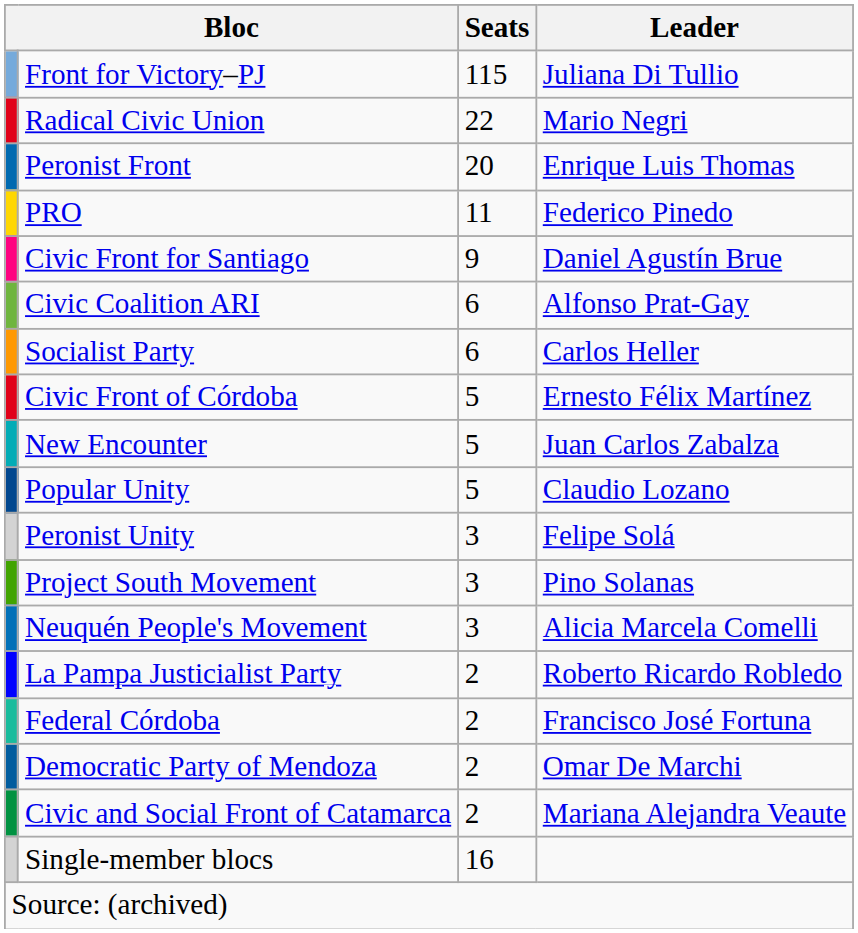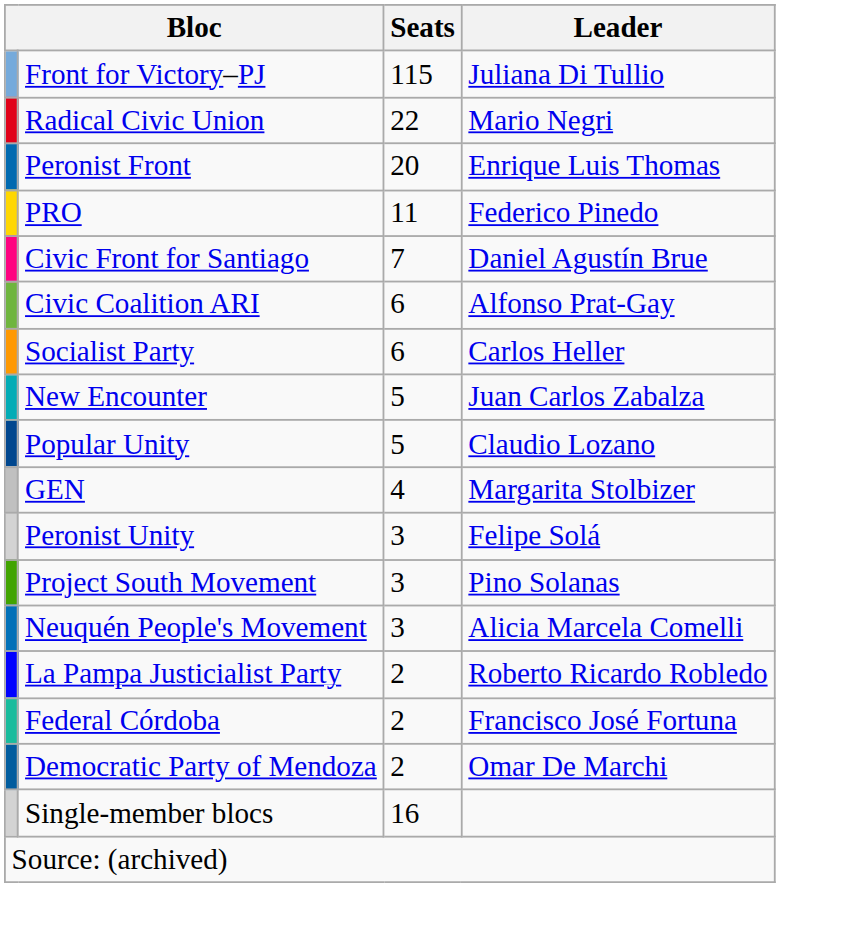 <table class="wikitable">
 <tr>
 <th colspan="2">Bloc</th>
 <th>Seats</th>
 <th>Leader</th>
 </tr>
 <tr>
 <td bgcolor="#75AADB"></td>
 <td><a href='#'>Front for Victory</a>–<a href='#'>PJ</a></td>
 <td>115</td>
 <td><a href='#'>Juliana Di Tullio</a></td>
 </tr>
 <tr>
 <td bgcolor="#E10019"></td>
 <td><a href='#'>Radical Civic Union</a></td>
 <td>22</td>
 <td><a href='#'>Mario Negri</a></td>
 </tr>
 <tr>
 <td bgcolor="#006ab0"></td>
 <td><a href='#'>Peronist Front</a></td>
 <td>20</td>
 <td><a href='#'>Enrique Luis Thomas</a></td>
 </tr>
 <tr>
 <td bgcolor="#ffd700"></td>
 <td><a href='#'>PRO</a></td>
 <td>11</td>
 <td><a href='#'>Federico Pinedo</a></td>
 </tr>
 <tr>
 <td bgcolor="#FF0080"></td>
 <td><a href='#'>Civic Front for Santiago</a></td>
-<td>9</td>
+<td>7</td>
 <td><a href='#'>Daniel Agustín Brue</a></td>
 </tr>
 <tr>
 <td bgcolor="#6fb53e"></td>
 <td><a href='#'>Civic Coalition ARI</a></td>
 <td>6</td>
 <td><a href='#'>Alfonso Prat-Gay</a></td>
 </tr>
 <tr>
 <td bgcolor="#FF9900"></td>
 <td><a href='#'>Socialist Party</a></td>
 <td>6</td>
 <td><a href='#'>Carlos Heller</a></td>
 </tr>
 <tr>
-<td bgcolor="#E10019"></td>
-<td><a href='#'>Civic Front of Córdoba</a></td>
-<td>5</td>
-<td><a href='#'>Ernesto Félix Martínez</a></td>
-</tr>
-<tr>
 <td bgcolor="#03ACB6"></td>
 <td><a href='#'>New Encounter</a></td>
 <td>5</td>
 <td><a href='#'>Juan Carlos Zabalza</a></td>
 </tr>
 <tr>
 <td bgcolor="#00478F"></td>
 <td><a href='#'>Popular Unity</a></td>
 <td>5</td>
 <td><a href='#'>Claudio Lozano</a></td>
+</tr>
+<tr>
+<td bgcolor="#C0C0C0"></td>
+<td><a href='#'>GEN</a></td>
+<td>4</td>
+<td><a href='#'>Margarita Stolbizer</a></td>
 </tr>
 <tr>
 <td bgcolor="#D3D3D3"></td>
 <td><a href='#'>Peronist Unity</a></td>
 <td>3</td>
 <td><a href='#'>Felipe Solá</a></td>
 </tr>
 <tr>
 <td bgcolor="#41A400"></td>
 <td><a href='#'>Project South Movement</a></td>
 <td>3</td>
 <td><a href='#'>Pino Solanas</a></td>
 </tr>
 <tr>
 <td bgcolor="#0070b8"></td>
 <td><a href='#'>Neuquén People's Movement</a></td>
 <td>3</td>
 <td><a href='#'>Alicia Marcela Comelli</a></td>
 </tr>
 <tr>
 <td bgcolor="blue"></td>
 <td><a href='#'>La Pampa Justicialist Party</a></td>
 <td>2</td>
 <td><a href='#'>Roberto Ricardo Robledo</a></td>
 </tr>
 <tr>
 <td bgcolor="#19bc9d"></td>
 <td><a href='#'>Federal Córdoba</a></td>
 <td>2</td>
 <td><a href='#'>Francisco José Fortuna</a></td>
 </tr>
 <tr>
 <td bgcolor="#005C9E"></td>
 <td><a href='#'>Democratic Party of Mendoza</a></td>
 <td>2</td>
 <td><a href='#'>Omar De Marchi</a></td>
 </tr>
 <tr>
-<td bgcolor="#009241"></td>
-<td><a href='#'>Civic and Social Front of Catamarca</a></td>
-<td>2</td>
-<td><a href='#'>Mariana Alejandra Veaute</a></td>
-</tr>
-<tr>
 <td bgcolor="#D3D3D3"></td>
 <td>Single-member blocs</td>
 <td>16</td>
 <td></td>
 </tr>
 <tr>
 <td colspan=4>Source:  (archived)</td>
 </tr>
 </table>
